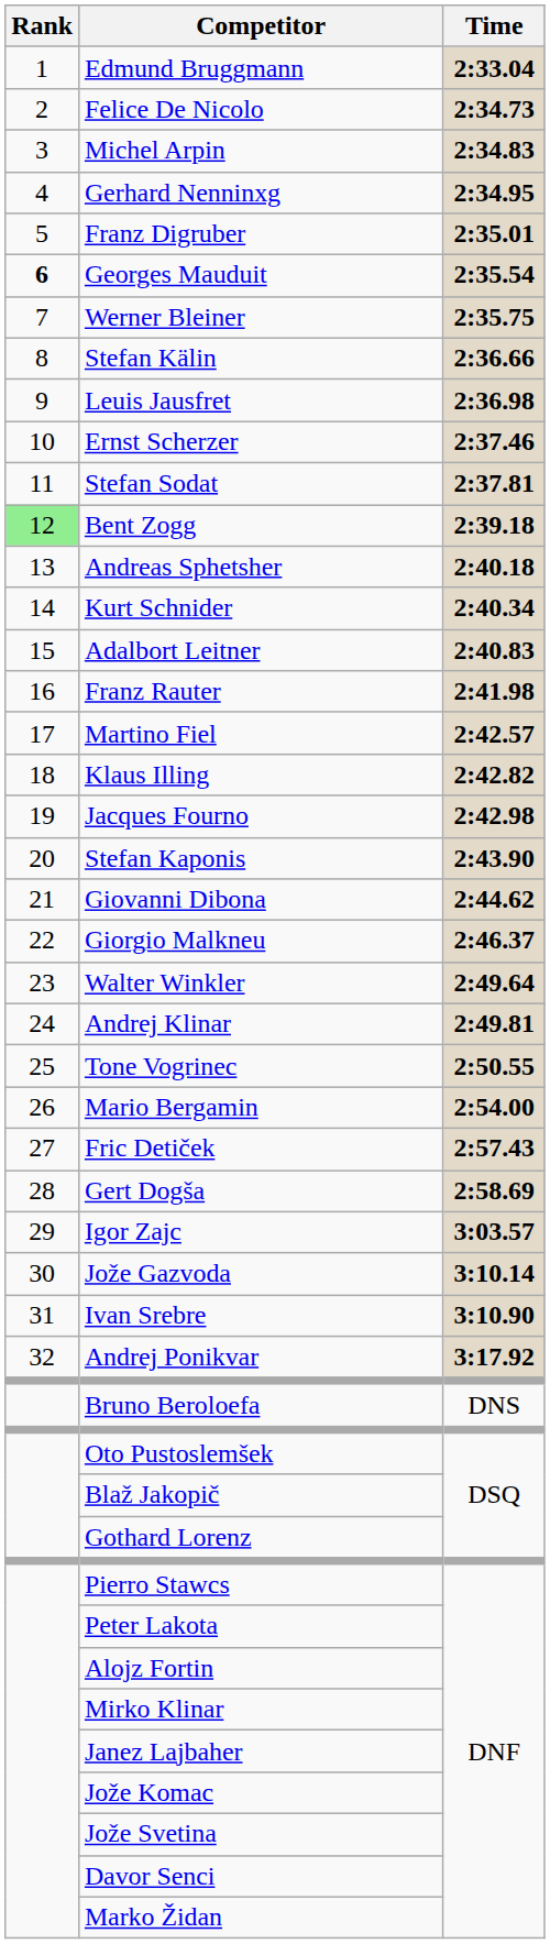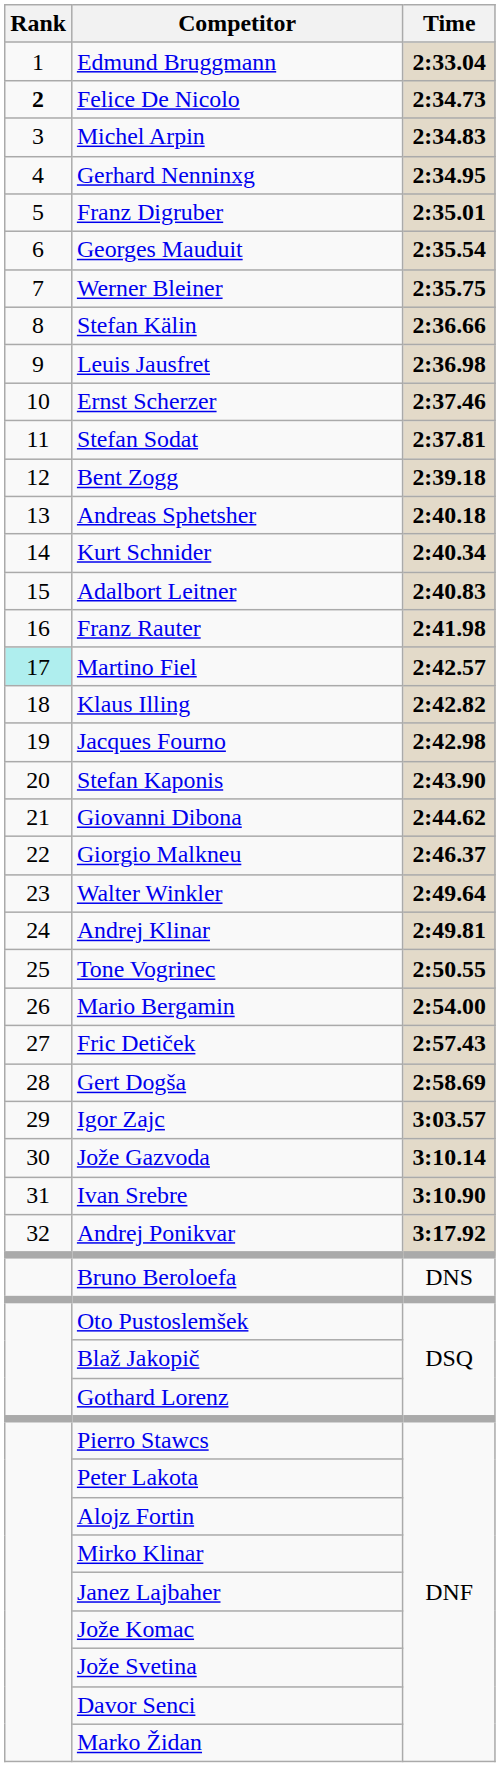 <table class="wikitable">
 <tr>
 <th width=35>Rank</th>
 <th width=215>Competitor</th>
 <th width=55>Time</th>
 </tr>
 <tr>
 <td align=center>1</td>
 <td> <a href='#'>Edmund Bruggmann</a></td>
 <td align=center bgcolor=#E3DAC9><strong>2:33.04</strong></td>
 </tr>
 <tr>
-<td align=center>2</td>
+<td align=center><strong>2</strong></td>
 <td> <a href='#'>Felice De Nicolo</a></td>
 <td align=center bgcolor=#E3DAC9><strong>2:34.73</strong></td>
 </tr>
 <tr>
 <td align=center>3</td>
 <td> <a href='#'>Michel Arpin</a></td>
 <td align=center bgcolor=#E3DAC9><strong>2:34.83</strong></td>
 </tr>
 <tr>
 <td align=center>4</td>
 <td> <a href='#'>Gerhard Nenninxg</a></td>
 <td align=center bgcolor=#E3DAC9><strong>2:34.95</strong></td>
 </tr>
 <tr>
 <td align=center>5</td>
 <td> <a href='#'>Franz Digruber</a></td>
 <td align=center bgcolor=#E3DAC9><strong>2:35.01</strong></td>
 </tr>
 <tr>
-<td align=center><strong>6</strong></td>
+<td align=center>6</td>
 <td> <a href='#'>Georges Mauduit</a></td>
 <td align=center bgcolor=#E3DAC9><strong>2:35.54</strong></td>
 </tr>
 <tr>
 <td align=center>7</td>
 <td> <a href='#'>Werner Bleiner</a></td>
 <td align=center bgcolor=#E3DAC9><strong>2:35.75</strong></td>
 </tr>
 <tr>
 <td align=center>8</td>
 <td> <a href='#'>Stefan Kälin</a></td>
 <td align=center bgcolor=#E3DAC9><strong>2:36.66</strong></td>
 </tr>
 <tr>
 <td align=center>9</td>
 <td> <a href='#'>Leuis Jausfret</a></td>
 <td align=center bgcolor=#E3DAC9><strong>2:36.98</strong></td>
 </tr>
 <tr>
 <td align=center>10</td>
 <td> <a href='#'>Ernst Scherzer</a></td>
 <td align=center bgcolor=#E3DAC9><strong>2:37.46</strong></td>
 </tr>
 <tr>
 <td align=center>11</td>
 <td> <a href='#'>Stefan Sodat</a></td>
 <td align=center bgcolor=#E3DAC9><strong>2:37.81</strong></td>
 </tr>
 <tr>
-<td align=center style="background: lightgreen;">12</td>
+<td align=center>12</td>
 <td> <a href='#'>Bent Zogg</a></td>
 <td align=center bgcolor=#E3DAC9><strong>2:39.18</strong></td>
 </tr>
 <tr>
 <td align=center>13</td>
 <td> <a href='#'>Andreas Sphetsher</a></td>
 <td align=center bgcolor=#E3DAC9><strong>2:40.18</strong></td>
 </tr>
 <tr>
 <td align=center>14</td>
 <td> <a href='#'>Kurt Schnider</a></td>
 <td align=center bgcolor=#E3DAC9><strong>2:40.34</strong></td>
 </tr>
 <tr>
 <td align=center>15</td>
 <td> <a href='#'>Adalbort Leitner</a></td>
 <td align=center bgcolor=#E3DAC9><strong>2:40.83</strong></td>
 </tr>
 <tr>
 <td align=center>16</td>
 <td> <a href='#'>Franz Rauter</a></td>
 <td align=center bgcolor=#E3DAC9><strong>2:41.98</strong></td>
 </tr>
 <tr>
-<td align=center>17</td>
+<td align=center style="background: paleturquoise;">17</td>
 <td> <a href='#'>Martino Fiel</a></td>
 <td align=center bgcolor=#E3DAC9><strong>2:42.57</strong></td>
 </tr>
 <tr>
 <td align=center>18</td>
 <td> <a href='#'>Klaus Illing</a></td>
 <td align=center bgcolor=#E3DAC9><strong>2:42.82</strong></td>
 </tr>
 <tr>
 <td align=center>19</td>
 <td> <a href='#'>Jacques Fourno</a></td>
 <td align=center bgcolor=#E3DAC9><strong>2:42.98</strong></td>
 </tr>
 <tr>
 <td align=center>20</td>
 <td> <a href='#'>Stefan Kaponis</a></td>
 <td align=center bgcolor=#E3DAC9><strong>2:43.90</strong></td>
 </tr>
 <tr>
 <td align=center>21</td>
 <td> <a href='#'>Giovanni Dibona</a></td>
 <td align=center bgcolor=#E3DAC9><strong>2:44.62</strong></td>
 </tr>
 <tr>
 <td align=center>22</td>
 <td> <a href='#'>Giorgio Malkneu</a></td>
 <td align=center bgcolor=#E3DAC9><strong>2:46.37</strong></td>
 </tr>
 <tr>
 <td align=center>23</td>
 <td> <a href='#'>Walter Winkler</a></td>
 <td align=center bgcolor=#E3DAC9><strong>2:49.64</strong></td>
 </tr>
 <tr>
 <td align=center>24</td>
 <td> <a href='#'>Andrej Klinar</a></td>
 <td align=center bgcolor=#E3DAC9><strong>2:49.81</strong></td>
 </tr>
 <tr>
 <td align=center>25</td>
 <td> <a href='#'>Tone Vogrinec</a></td>
 <td align=center bgcolor=#E3DAC9><strong>2:50.55</strong></td>
 </tr>
 <tr>
 <td align=center>26</td>
 <td> <a href='#'>Mario Bergamin</a></td>
 <td align=center bgcolor=#E3DAC9><strong>2:54.00</strong></td>
 </tr>
 <tr>
 <td align=center>27</td>
 <td> <a href='#'>Fric Detiček</a></td>
 <td align=center bgcolor=#E3DAC9><strong>2:57.43</strong></td>
 </tr>
 <tr>
 <td align=center>28</td>
 <td> <a href='#'>Gert Dogša</a></td>
 <td align=center bgcolor=#E3DAC9><strong>2:58.69</strong></td>
 </tr>
 <tr>
 <td align=center>29</td>
 <td> <a href='#'>Igor Zajc</a></td>
 <td align=center bgcolor=#E3DAC9><strong>3:03.57</strong></td>
 </tr>
 <tr>
 <td align=center>30</td>
 <td> <a href='#'>Jože Gazvoda</a></td>
 <td align=center bgcolor=#E3DAC9><strong>3:10.14</strong></td>
 </tr>
 <tr>
 <td align=center>31</td>
 <td> <a href='#'>Ivan Srebre</a></td>
 <td align=center bgcolor=#E3DAC9><strong>3:10.90</strong></td>
 </tr>
 <tr>
 <td align=center>32</td>
 <td> <a href='#'>Andrej Ponikvar</a></td>
 <td align=center bgcolor=#E3DAC9><strong>3:17.92</strong></td>
 </tr>
 <tr>
 <td style="border-top-width:5px"></td>
 <td style="border-top-width:5px"> <a href='#'>Bruno Beroloefa</a></td>
 <td style="border-top-width:5px" align=center>DNS</td>
 </tr>
 <tr>
 <td style="border-top-width:5px" rowspan=3></td>
 <td style="border-top-width:5px"> <a href='#'>Oto Pustoslemšek</a></td>
 <td style="border-top-width:5px" align=center rowspan=3>  DSQ 	  	 </td>
 </tr>
 <tr>
 <td> <a href='#'>Blaž Jakopič</a>  	 </td>
 </tr>
 <tr>
 <td> <a href='#'>Gothard Lorenz</a></td>
 </tr>
 <tr>
 <td style="border-top-width:5px" rowspan=9></td>
 <td style="border-top-width:5px"> <a href='#'>Pierro Stawcs</a></td>
 <td style="border-top-width:5px" align=center rowspan=9>  DNF 	  	 </td>
 </tr>
 <tr>
 <td> <a href='#'>Peter Lakota</a>  	  	 </td>
 </tr>
 <tr>
 <td> <a href='#'>Alojz Fortin</a>  	 </td>
 </tr>
 <tr>
 <td> <a href='#'>Mirko Klinar</a>	 	  	 </td>
 </tr>
 <tr>
 <td> <a href='#'>Janez Lajbaher</a> 	  	 </td>
 </tr>
 <tr>
 <td> <a href='#'>Jože Komac</a>  	  	 </td>
 </tr>
 <tr>
 <td> <a href='#'>Jože Svetina</a>   	 </td>
 </tr>
 <tr>
 <td> <a href='#'>Davor Senci</a>   	 </td>
 </tr>
 <tr>
 <td> <a href='#'>Marko Židan</a>   	  	  	 </td>
 </tr>
 </table>
